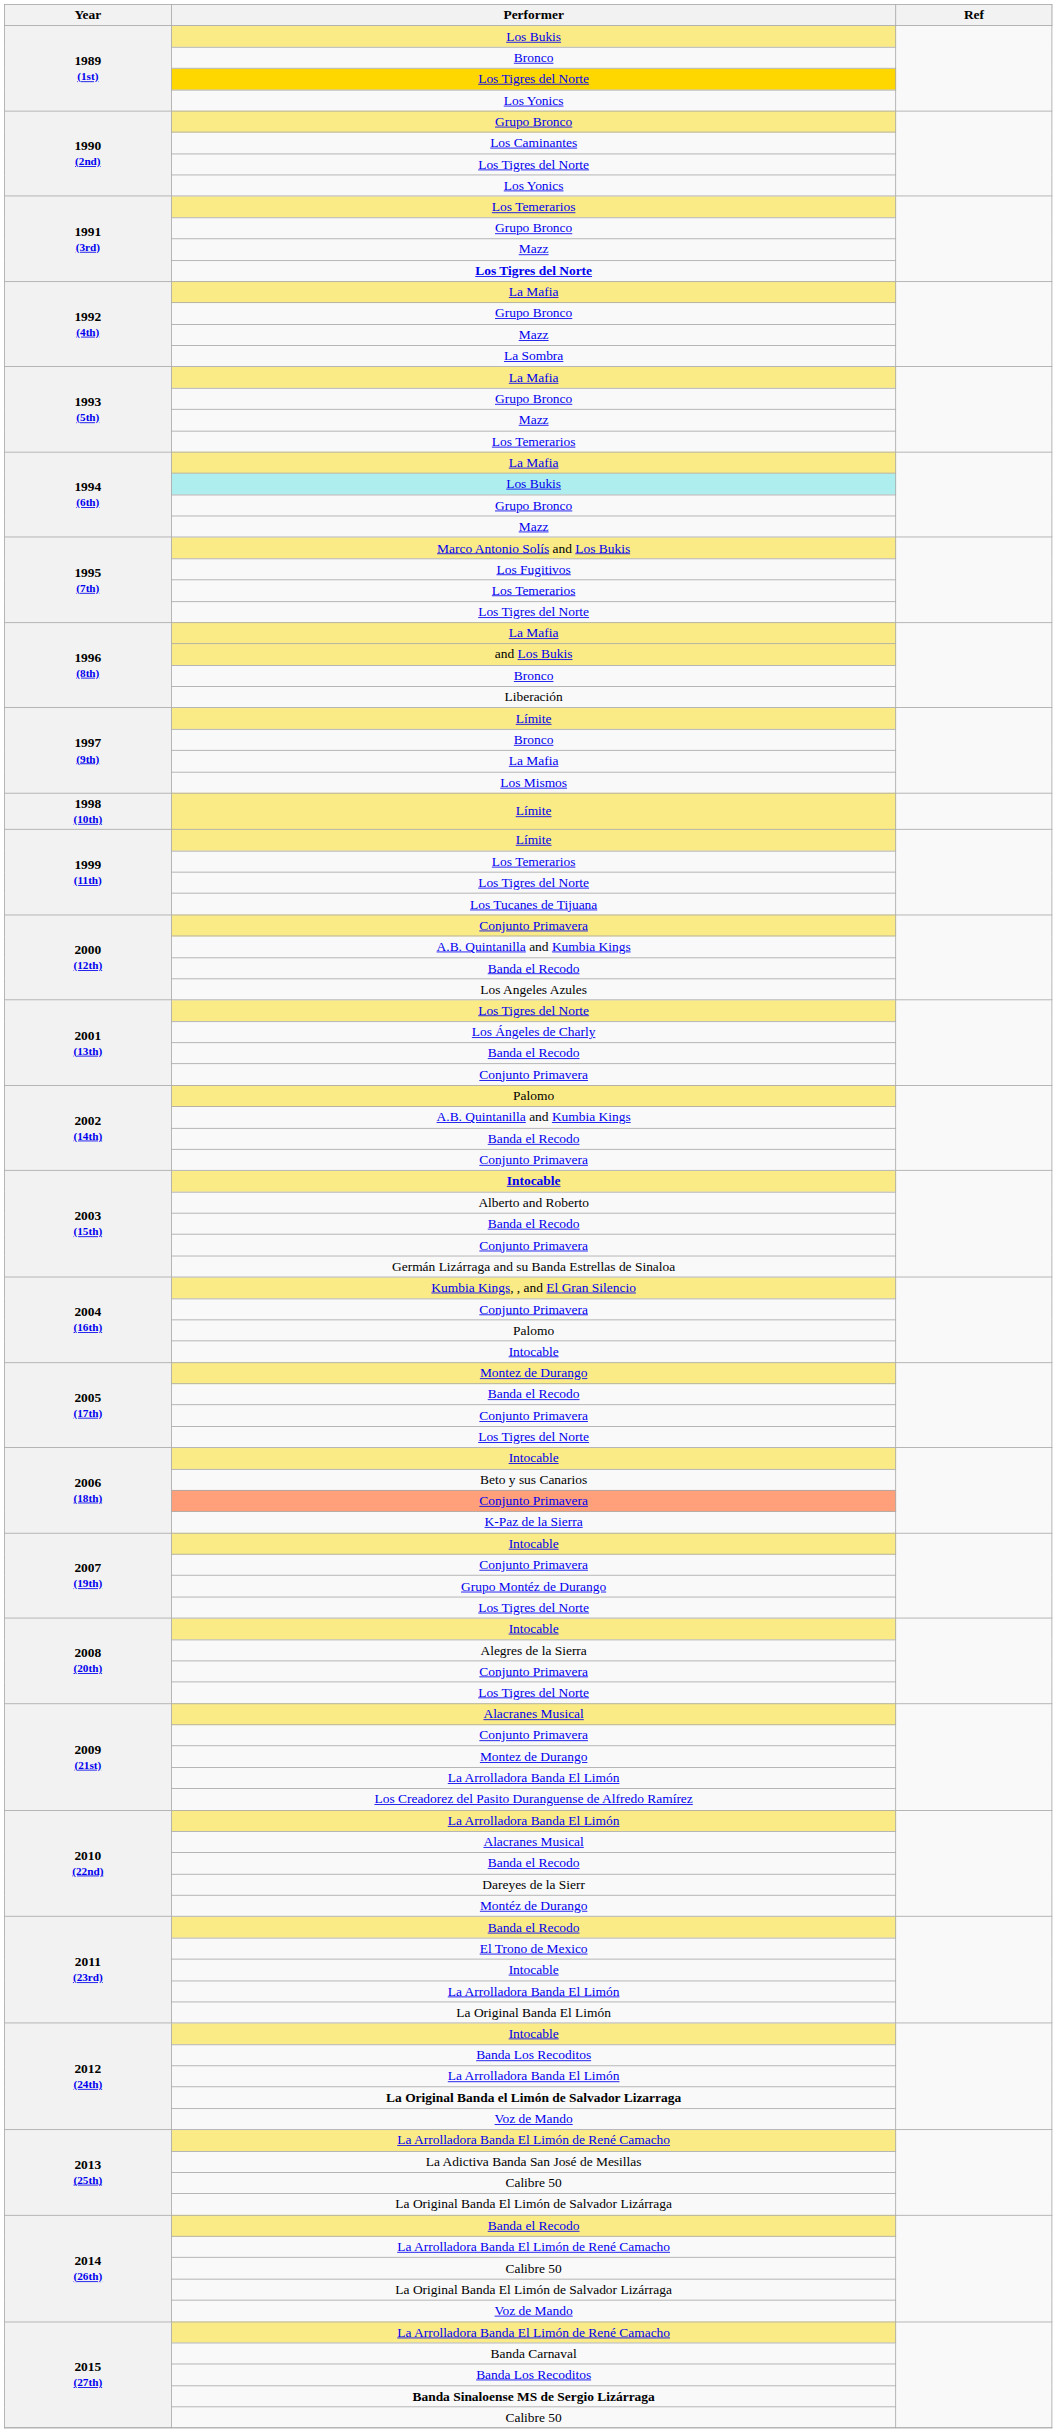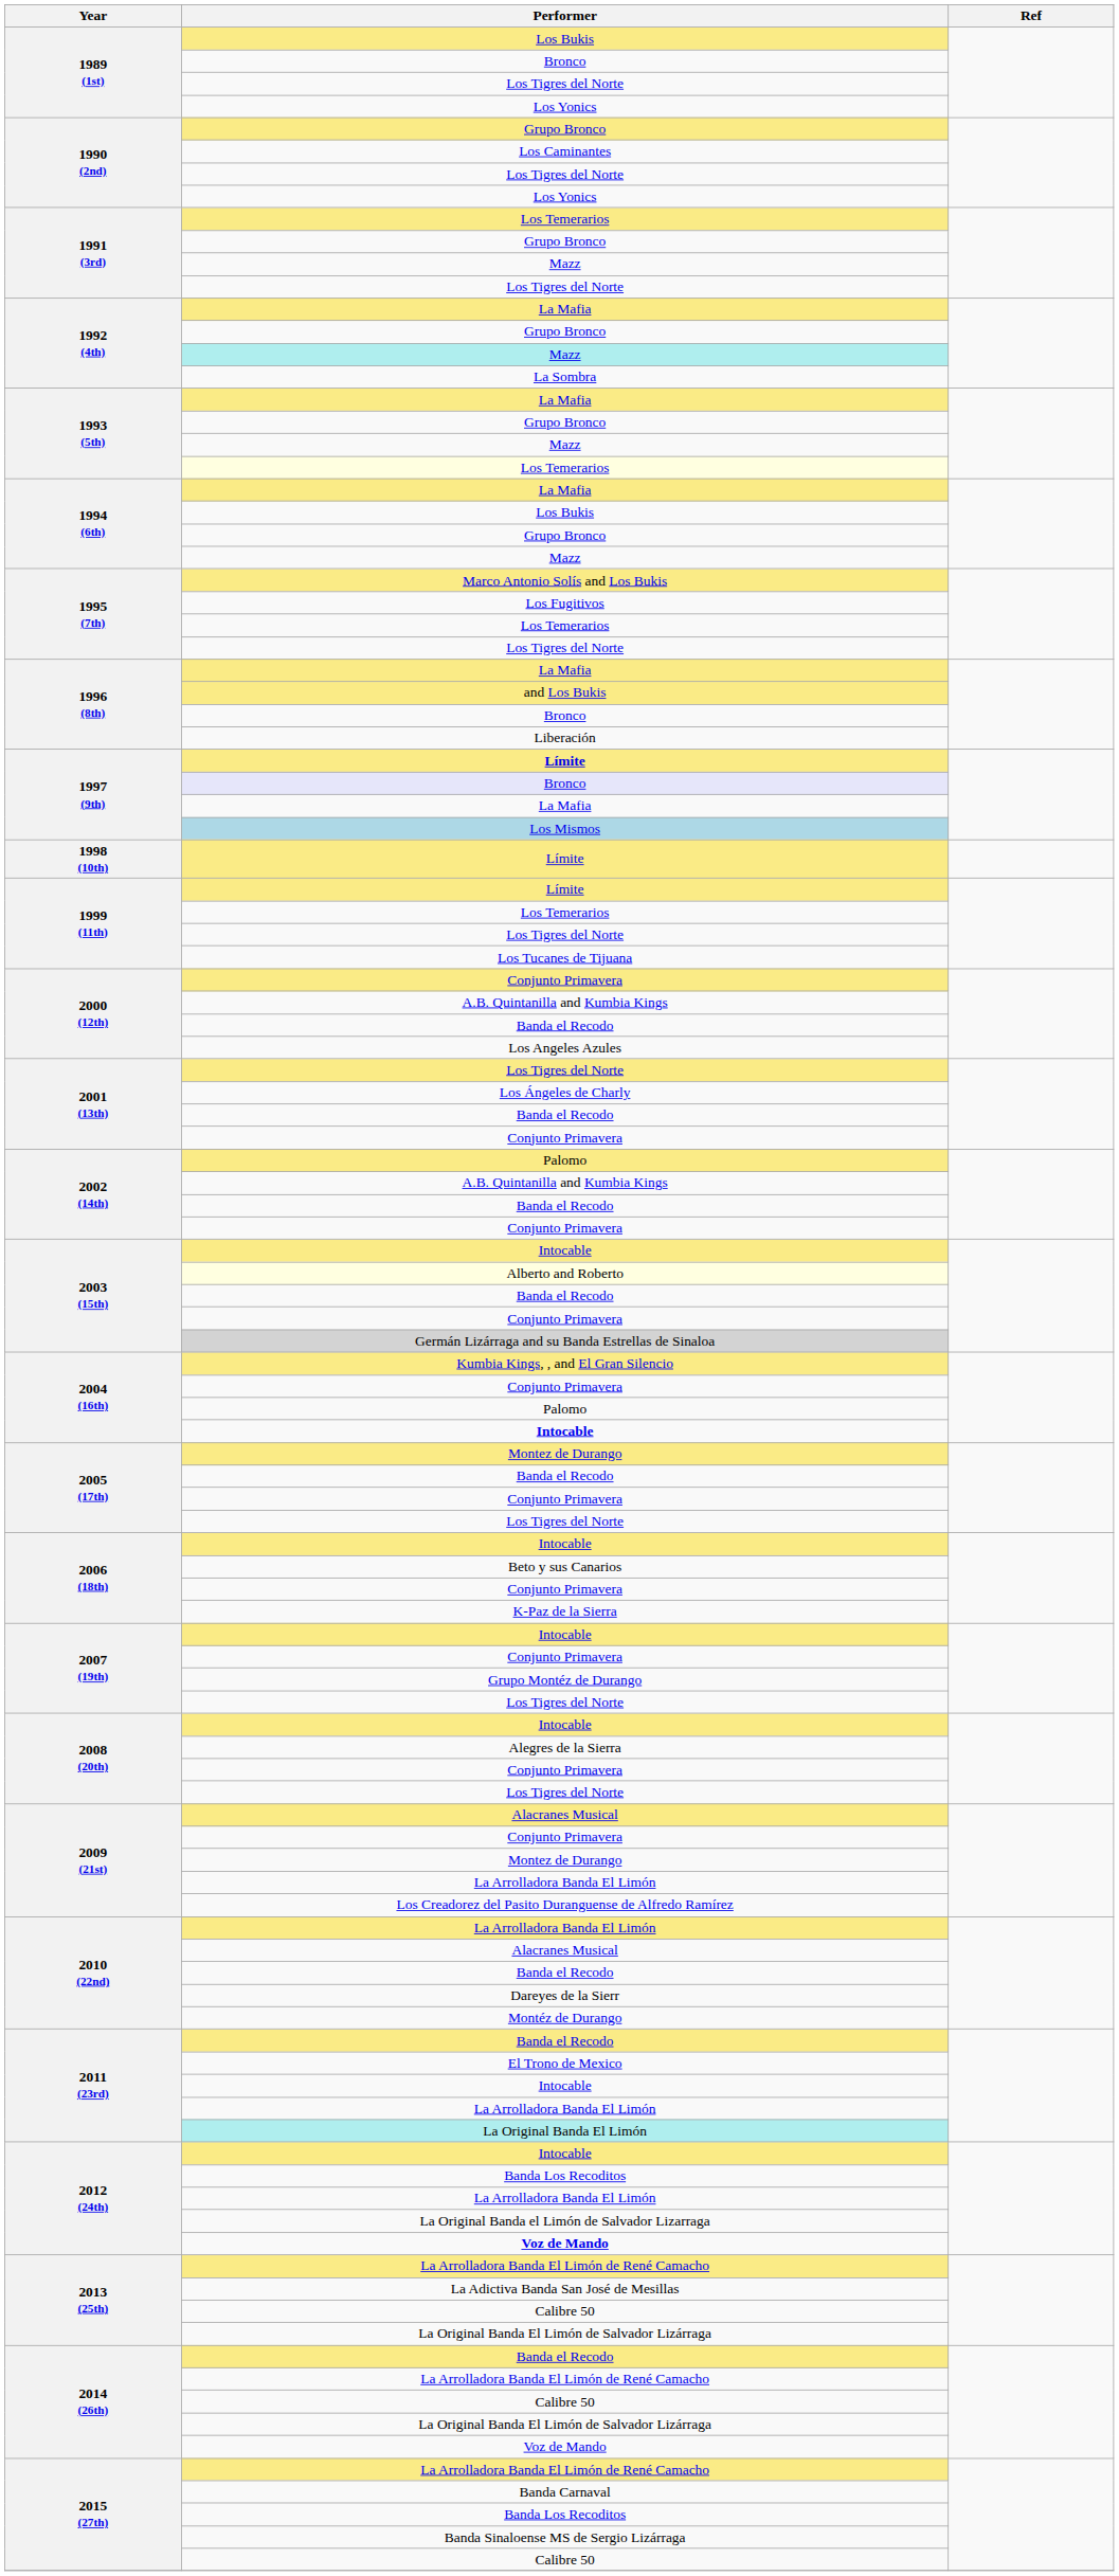 <table class="wikitable sortable" style="text-align:center;">
 <tr style="background:#bebebe;">
 <th scope="col" style="width:1%;">Year</th>
 <th scope="col" style="width:5%;">Performer</th>
 <th scope="col" style="width:1%;" class="unsortable">Ref</th>
 </tr>
 <tr>
 <th scope="row" rowspan=4>1989 <br><small><a href='#'>(1st)</a></small></th>
 <td style="background:#FAEB86"><a href='#'>Los Bukis</a></td>
 <td rowspan=4></td>
 </tr>
 <tr>
 <td><a href='#'>Bronco</a></td>
 </tr>
 <tr>
-<td style="background: gold;"><a href='#'>Los Tigres del Norte</a></td>
+<td><a href='#'>Los Tigres del Norte</a></td>
 </tr>
 <tr>
 <td><a href='#'>Los Yonics</a></td>
 </tr>
 <tr>
 <th scope="row" rowspan=4>1990 <br><small><a href='#'>(2nd)</a></small></th>
 <td style="background:#FAEB86"><a href='#'>Grupo Bronco</a></td>
 <td rowspan=4></td>
 </tr>
 <tr>
 <td><a href='#'>Los Caminantes</a></td>
 </tr>
 <tr>
 <td><a href='#'>Los Tigres del Norte</a></td>
 </tr>
 <tr>
 <td><a href='#'>Los Yonics</a></td>
 </tr>
 <tr>
 <th scope="row" rowspan=4>1991 <br><small><a href='#'>(3rd)</a></small></th>
 <td style="background:#FAEB86"><a href='#'>Los Temerarios</a></td>
 <td rowspan=4></td>
 </tr>
 <tr>
 <td><a href='#'>Grupo Bronco</a></td>
 </tr>
 <tr>
 <td><a href='#'>Mazz</a></td>
 </tr>
 <tr>
-<td><strong><a href='#'>Los Tigres del Norte</a></strong></td>
+<td><a href='#'>Los Tigres del Norte</a></td>
 </tr>
 <tr>
 <th scope="row" rowspan=4>1992 <br><small><a href='#'>(4th)</a></small></th>
 <td style="background:#FAEB86"><a href='#'>La Mafia</a></td>
 <td rowspan=4></td>
 </tr>
 <tr>
 <td><a href='#'>Grupo Bronco</a></td>
 </tr>
 <tr>
-<td><a href='#'>Mazz</a></td>
+<td style="background: paleturquoise;"><a href='#'>Mazz</a></td>
 </tr>
 <tr>
 <td><a href='#'>La Sombra</a></td>
 </tr>
 <tr>
 <th scope="row" rowspan=4 style="text-align:center">1993 <br><small><a href='#'>(5th)</a></small></th>
 <td style="background:#FAEB86"><a href='#'>La Mafia</a></td>
 <td rowspan=4></td>
 </tr>
 <tr>
 <td><a href='#'>Grupo Bronco</a></td>
 </tr>
 <tr>
 <td><a href='#'>Mazz</a></td>
 </tr>
 <tr>
-<td><a href='#'>Los Temerarios</a></td>
+<td style="background: lightyellow;"><a href='#'>Los Temerarios</a></td>
 </tr>
 <tr>
 <th scope="row" rowspan=4>1994 <br><small><a href='#'>(6th)</a></small></th>
 <td style="background:#FAEB86"><a href='#'>La Mafia</a></td>
 <td rowspan=4></td>
 </tr>
 <tr>
-<td style="background: paleturquoise;"><a href='#'>Los Bukis</a></td>
+<td><a href='#'>Los Bukis</a></td>
 </tr>
 <tr>
 <td><a href='#'>Grupo Bronco</a></td>
 </tr>
 <tr>
 <td><a href='#'>Mazz</a></td>
 </tr>
 <tr>
 <th scope="row" rowspan=4>1995 <br><small><a href='#'>(7th)</a></small></th>
 <td style="background:#FAEB86"><a href='#'>Marco Antonio Solís</a> and <a href='#'>Los Bukis</a></td>
 <td rowspan=4></td>
 </tr>
 <tr>
 <td><a href='#'>Los Fugitivos</a></td>
 </tr>
 <tr>
 <td><a href='#'>Los Temerarios</a></td>
 </tr>
 <tr>
 <td><a href='#'>Los Tigres del Norte</a></td>
 </tr>
 <tr>
 <th scope="row" rowspan=4>1996 <br><small><a href='#'>(8th)</a></small></th>
 <td style="background:#FAEB86"><a href='#'>La Mafia</a></td>
 <td rowspan=4></td>
 </tr>
 <tr>
 <td style="background:#FAEB86"> and <a href='#'>Los Bukis</a></td>
 </tr>
 <tr>
 <td><a href='#'>Bronco</a></td>
 </tr>
 <tr>
 <td>Liberación</td>
 </tr>
 <tr>
 <th scope="row" rowspan=4>1997 <br><small><a href='#'>(9th)</a></small></th>
-<td style="background:#FAEB86"><a href='#'>Límite</a></td>
+<td style="background:#FAEB86"><strong><a href='#'>Límite</a></strong></td>
 <td rowspan=4></td>
 </tr>
 <tr>
-<td><a href='#'>Bronco</a></td>
+<td style="background: lavender;"><a href='#'>Bronco</a></td>
 </tr>
 <tr>
 <td><a href='#'>La Mafia</a></td>
 </tr>
 <tr>
-<td><a href='#'>Los Mismos</a></td>
+<td style="background: lightblue;"><a href='#'>Los Mismos</a></td>
 </tr>
 <tr>
 <th scope="row">1998 <br><small><a href='#'>(10th)</a></small></th>
 <td style="background:#FAEB86"><a href='#'>Límite</a></td>
 <td></td>
 </tr>
 <tr>
 <th scope="row" rowspan=4>1999 <br><small><a href='#'>(11th)</a></small></th>
 <td style="background:#FAEB86"><a href='#'>Límite</a></td>
 <td rowspan=4></td>
 </tr>
 <tr>
 <td><a href='#'>Los Temerarios</a></td>
 </tr>
 <tr>
 <td><a href='#'>Los Tigres del Norte</a></td>
 </tr>
 <tr>
 <td><a href='#'>Los Tucanes de Tijuana</a></td>
 </tr>
 <tr>
 <th scope="row" rowspan=4>2000 <br><small><a href='#'>(12th)</a></small></th>
 <td style="background:#FAEB86"><a href='#'>Conjunto Primavera</a></td>
 <td rowspan=4></td>
 </tr>
 <tr>
 <td><a href='#'>A.B. Quintanilla</a> and <a href='#'>Kumbia Kings</a></td>
 </tr>
 <tr>
 <td><a href='#'>Banda el Recodo</a></td>
 </tr>
 <tr>
 <td>Los Angeles Azules</td>
 </tr>
 <tr>
 <th scope="row" rowspan=4>2001 <br><small><a href='#'>(13th)</a></small></th>
 <td style="background:#FAEB86"><a href='#'>Los Tigres del Norte</a></td>
 <td rowspan=4></td>
 </tr>
 <tr>
 <td><a href='#'>Los Ángeles de Charly</a></td>
 </tr>
 <tr>
 <td><a href='#'>Banda el Recodo</a></td>
 </tr>
 <tr>
 <td><a href='#'>Conjunto Primavera</a></td>
 </tr>
 <tr>
 <th scope="row" rowspan=4>2002 <br><small><a href='#'>(14th)</a></small></th>
 <td style="background:#FAEB86">Palomo</td>
 <td rowspan=4></td>
 </tr>
 <tr>
 <td><a href='#'>A.B. Quintanilla</a> and <a href='#'>Kumbia Kings</a></td>
 </tr>
 <tr>
 <td><a href='#'>Banda el Recodo</a></td>
 </tr>
 <tr>
 <td><a href='#'>Conjunto Primavera</a></td>
 </tr>
 <tr>
 <th scope="row" rowspan=5>2003 <br><small><a href='#'>(15th)</a></small></th>
-<td style="background:#FAEB86"><strong><a href='#'>Intocable</a></strong></td>
+<td style="background:#FAEB86"><a href='#'>Intocable</a></td>
 <td rowspan=5></td>
 </tr>
 <tr>
-<td>Alberto and Roberto</td>
+<td style="background: lightyellow;">Alberto and Roberto</td>
 </tr>
 <tr>
 <td><a href='#'>Banda el Recodo</a></td>
 </tr>
 <tr>
 <td><a href='#'>Conjunto Primavera</a></td>
 </tr>
 <tr>
-<td>Germán Lizárraga and su Banda Estrellas de Sinaloa</td>
+<td style="background: lightgrey;">Germán Lizárraga and su Banda Estrellas de Sinaloa</td>
 </tr>
 <tr>
 <th scope="row" rowspan=4>2004 <br><small><a href='#'>(16th)</a></small></th>
 <td style="background:#FAEB86"><a href='#'>Kumbia Kings</a>, , and <a href='#'>El Gran Silencio</a></td>
 <td rowspan=4></td>
 </tr>
 <tr>
 <td><a href='#'>Conjunto Primavera</a></td>
 </tr>
 <tr>
 <td>Palomo</td>
 </tr>
 <tr>
-<td><a href='#'>Intocable</a></td>
+<td><strong><a href='#'>Intocable</a></strong></td>
 </tr>
 <tr>
 <th scope="row" rowspan=4>2005 <br><small><a href='#'>(17th)</a></small></th>
 <td style="background:#FAEB86"><a href='#'>Montez de Durango</a></td>
 <td rowspan=4></td>
 </tr>
 <tr>
 <td><a href='#'>Banda el Recodo</a></td>
 </tr>
 <tr>
 <td><a href='#'>Conjunto Primavera</a></td>
 </tr>
 <tr>
 <td><a href='#'>Los Tigres del Norte</a></td>
 </tr>
 <tr>
 <th scope="row" rowspan=4>2006 <br><small><a href='#'>(18th)</a></small></th>
 <td style="background:#FAEB86"><a href='#'>Intocable</a></td>
 <td rowspan=4></td>
 </tr>
 <tr>
 <td>Beto y sus Canarios</td>
 </tr>
 <tr>
-<td style="background: lightsalmon;"><a href='#'>Conjunto Primavera</a></td>
+<td><a href='#'>Conjunto Primavera</a></td>
 </tr>
 <tr>
 <td><a href='#'>K-Paz de la Sierra</a></td>
 </tr>
 <tr>
 <th scope="row" rowspan=4>2007 <br><small><a href='#'>(19th)</a></small></th>
 <td style="background:#FAEB86"><a href='#'>Intocable</a></td>
 <td rowspan=4></td>
 </tr>
 <tr>
 <td><a href='#'>Conjunto Primavera</a></td>
 </tr>
 <tr>
 <td><a href='#'>Grupo Montéz de Durango</a></td>
 </tr>
 <tr>
 <td><a href='#'>Los Tigres del Norte</a></td>
 </tr>
 <tr>
 <th scope="row" rowspan=4>2008 <br><small><a href='#'>(20th)</a></small></th>
 <td style="background:#FAEB86"><a href='#'>Intocable</a></td>
 <td rowspan=4></td>
 </tr>
 <tr>
 <td>Alegres de la Sierra</td>
 </tr>
 <tr>
 <td><a href='#'>Conjunto Primavera</a></td>
 </tr>
 <tr>
 <td><a href='#'>Los Tigres del Norte</a></td>
 </tr>
 <tr>
 <th scope="row" rowspan=5>2009 <br><small><a href='#'>(21st)</a></small></th>
 <td style="background:#FAEB86"><a href='#'>Alacranes Musical</a></td>
 <td rowspan=5></td>
 </tr>
 <tr>
 <td><a href='#'>Conjunto Primavera</a></td>
 </tr>
 <tr>
 <td><a href='#'>Montez de Durango</a></td>
 </tr>
 <tr>
 <td><a href='#'>La Arrolladora Banda El Limón</a></td>
 </tr>
 <tr>
 <td><a href='#'>Los Creadorez del Pasito Duranguense de Alfredo Ramírez</a></td>
 </tr>
 <tr>
 <th scope="row" rowspan=5>2010 <br><small><a href='#'>(22nd)</a></small></th>
 <td style="background:#FAEB86"><a href='#'>La Arrolladora Banda El Limón</a></td>
 <td rowspan=5></td>
 </tr>
 <tr>
 <td><a href='#'>Alacranes Musical</a></td>
 </tr>
 <tr>
 <td><a href='#'>Banda el Recodo</a></td>
 </tr>
 <tr>
 <td>Dareyes de la Sierr</td>
 </tr>
 <tr>
 <td><a href='#'>Montéz de Durango</a></td>
 </tr>
 <tr>
 <th scope="row" rowspan=5>2011 <br><small><a href='#'>(23rd)</a></small></th>
 <td style="background:#FAEB86"><a href='#'>Banda el Recodo</a></td>
 <td rowspan=5></td>
 </tr>
 <tr>
 <td><a href='#'>El Trono de Mexico</a></td>
 </tr>
 <tr>
 <td><a href='#'>Intocable</a></td>
 </tr>
 <tr>
 <td><a href='#'>La Arrolladora Banda El Limón</a></td>
 </tr>
 <tr>
-<td>La Original Banda El Limón</td>
+<td style="background: paleturquoise;">La Original Banda El Limón</td>
 </tr>
 <tr>
 <th scope="row" rowspan=5>2012 <br><small><a href='#'>(24th)</a></small></th>
 <td style="background:#FAEB86"><a href='#'>Intocable</a></td>
 <td rowspan=5></td>
 </tr>
 <tr>
 <td><a href='#'>Banda Los Recoditos</a></td>
 </tr>
 <tr>
 <td><a href='#'>La Arrolladora Banda El Limón</a></td>
 </tr>
 <tr>
-<td><strong>La Original Banda el Limón de Salvador Lizarraga</strong></td>
+<td>La Original Banda el Limón de Salvador Lizarraga</td>
 </tr>
 <tr>
-<td><a href='#'>Voz de Mando</a></td>
+<td><strong><a href='#'>Voz de Mando</a></strong></td>
 </tr>
 <tr>
 <th scope="row" rowspan=4>2013 <br><small><a href='#'>(25th)</a></small></th>
 <td style="background:#FAEB86"><a href='#'>La Arrolladora Banda El Limón de René Camacho</a></td>
 <td rowspan=4></td>
 </tr>
 <tr>
 <td>La Adictiva Banda San José de Mesillas</td>
 </tr>
 <tr>
 <td>Calibre 50</td>
 </tr>
 <tr>
 <td>La Original Banda El Limón de Salvador Lizárraga</td>
 </tr>
 <tr>
 <th scope="row" rowspan=5>2014 <br><small><a href='#'>(26th)</a></small></th>
 <td style="background:#FAEB86"><a href='#'>Banda el Recodo</a></td>
 <td rowspan=5></td>
 </tr>
 <tr>
 <td><a href='#'>La Arrolladora Banda El Limón de René Camacho</a></td>
 </tr>
 <tr>
 <td>Calibre 50</td>
 </tr>
 <tr>
 <td>La Original Banda El Limón de Salvador Lizárraga</td>
 </tr>
 <tr>
 <td><a href='#'>Voz de Mando</a></td>
 </tr>
 <tr>
 <th scope="row" rowspan=5>2015 <br><small><a href='#'>(27th)</a></small></th>
 <td style="background:#FAEB86"><a href='#'>La Arrolladora Banda El Limón de René Camacho</a></td>
 <td rowspan=5></td>
 </tr>
 <tr>
 <td>Banda Carnaval</td>
 </tr>
 <tr>
 <td><a href='#'>Banda Los Recoditos</a></td>
 </tr>
 <tr>
-<td><strong>Banda Sinaloense MS de Sergio Lizárraga</strong></td>
+<td>Banda Sinaloense MS de Sergio Lizárraga</td>
 </tr>
 <tr>
 <td>Calibre 50</td>
 </tr>
 <tr>
 </tr>
 </table>
